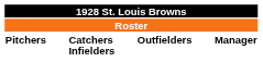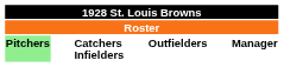 <table class="toccolours" style="font-size: 95%;">
 <tr>
 <th colspan="10" style="background-color: black; color: white; text-align: center;">1928 St. Louis Browns</th>
 </tr>
 <tr>
 <td colspan="10" style="background-color: #F87217; color: white; text-align: center;"><strong>Roster</strong></td>
 </tr>
 <tr>
-<td valign="top"><strong>Pitchers</strong><br>          </td>
+<td valign="top" style="background: lightgreen;"><strong>Pitchers</strong><br>          </td>
 <td width="25px"></td>
 <td valign="top"><strong>Catchers</strong><br>    <strong>Infielders</strong>          </td>
 <td width="25px"></td>
 <td valign="top"><strong>Outfielders</strong><br>     </td>
 <td width="25px"></td>
 <td valign="top"><strong>Manager</strong><br></td>
 </tr>
 <tr>
 </tr>
 </table>
